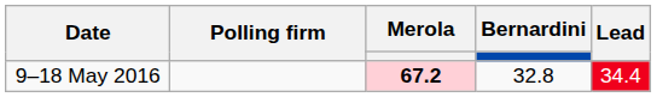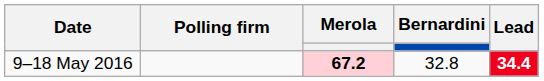 <table class="wikitable collapsible" style="text-align:center;font-size:85%;line-height:13px">
 <tr style="height:30px; background-color:#E9E9E9">
 <th style="width:100px;" rowspan="2">Date</th>
 <th style="width:120px;" rowspan="2">Polling firm</th>
 <th style="width:65px;">Merola</th>
 <th style="width:65px;">Bernardini</th>
 <th style="width:25px;" rowspan="2">Lead</th>
 </tr>
 <tr>
 <th style="background:"></th>
 <th style="background:#0047AB;"></th>
 </tr>
 <tr>
 <td>9–18 May 2016</td>
 <td></td>
 <td style="background:#FFD0D7"><strong>67.2</strong></td>
 <td>32.8</td>
-<td style="background:#F0001C; color:white;">34.4</td>
+<td style="background:#F0001C; color:white;"><strong>34.4</strong></td>
 </tr>
 </table>
